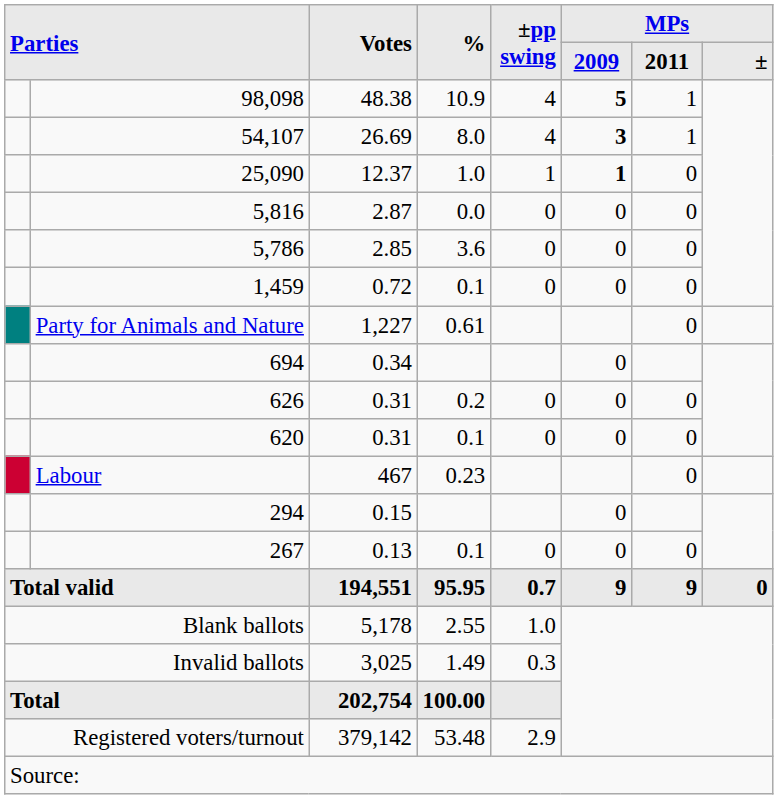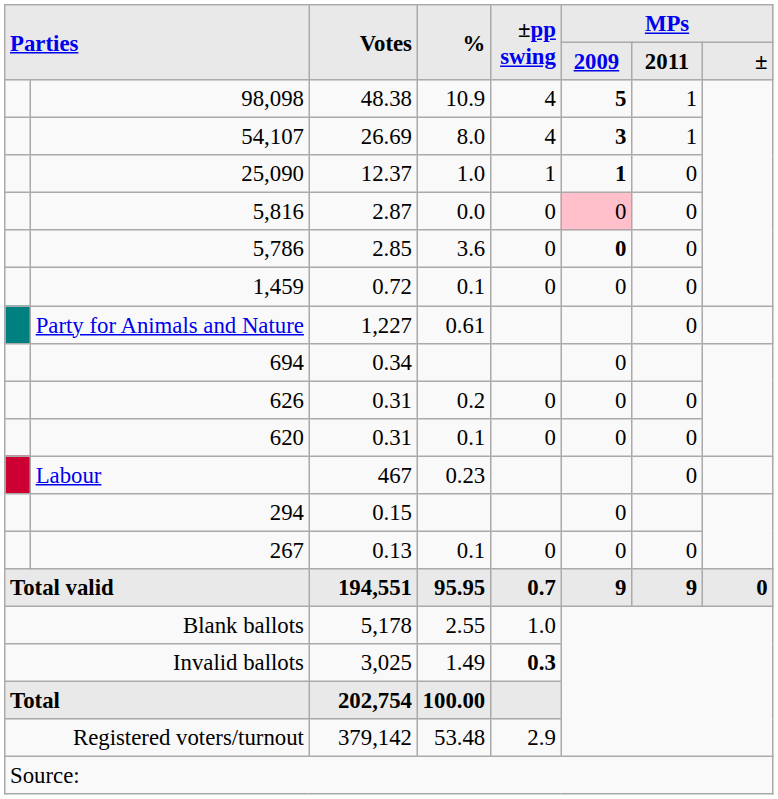 <table class="wikitable" style="text-align:right; font-size:95%;">
 <tr>
 <th rowspan="2" colspan="2" style="background:#e9e9e9; text-align:left;" alignleft><a href='#'>Parties</a></th>
 <th rowspan="2" style="background:#e9e9e9; text-align:right;">Votes</th>
 <th rowspan="2" style="background:#e9e9e9; text-align:right;">%</th>
 <th rowspan="2" style="background:#e9e9e9; text-align:right;">±<a href='#'>pp</a> <a href='#'>swing</a></th>
 <th colspan="3" style="background:#e9e9e9; text-align:center;"><a href='#'>MPs</a></th>
 </tr>
 <tr style="background-color:#E9E9E9">
 <th style="background-color:#E9E9E9;text-align:center;"><a href='#'>2009</a></th>
 <th style="background-color:#E9E9E9;text-align:center;">2011</th>
 <th style="background:#e9e9e9; text-align:right;">±</th>
 </tr>
 <tr>
 <td></td>
 <td>98,098</td>
 <td>48.38</td>
 <td>10.9</td>
 <td>4</td>
 <td><strong>5</strong></td>
 <td>1</td>
 </tr>
 <tr>
 <td></td>
 <td>54,107</td>
 <td>26.69</td>
 <td>8.0</td>
 <td>4</td>
 <td><strong>3</strong></td>
 <td>1</td>
 </tr>
 <tr>
 <td></td>
 <td>25,090</td>
 <td>12.37</td>
 <td>1.0</td>
 <td>1</td>
 <td><strong>1</strong></td>
 <td>0</td>
 </tr>
 <tr>
 <td></td>
 <td>5,816</td>
 <td>2.87</td>
 <td>0.0</td>
 <td>0</td>
-<td>0</td>
+<td style="background: pink;">0</td>
 <td>0</td>
 </tr>
 <tr>
 <td></td>
 <td>5,786</td>
 <td>2.85</td>
 <td>3.6</td>
 <td>0</td>
-<td>0</td>
+<td><strong>0</strong></td>
 <td>0</td>
 </tr>
 <tr>
 <td></td>
 <td>1,459</td>
 <td>0.72</td>
 <td>0.1</td>
 <td>0</td>
 <td>0</td>
 <td>0</td>
 </tr>
 <tr>
 <td style="width: 10px" bgcolor="teal" align="center"></td>
 <td align="left"><a href='#'>Party for Animals and Nature</a></td>
 <td>1,227</td>
 <td>0.61</td>
 <td></td>
 <td></td>
 <td>0</td>
 <td></td>
 </tr>
 <tr>
 <td></td>
 <td>694</td>
 <td>0.34</td>
 <td></td>
 <td></td>
 <td>0</td>
 <td></td>
 </tr>
 <tr>
 <td></td>
 <td>626</td>
 <td>0.31</td>
 <td>0.2</td>
 <td>0</td>
 <td>0</td>
 <td>0</td>
 </tr>
 <tr>
 <td></td>
 <td>620</td>
 <td>0.31</td>
 <td>0.1</td>
 <td>0</td>
 <td>0</td>
 <td>0</td>
 </tr>
 <tr>
 <td style="width: 10px" bgcolor=#CC0033 align="center"></td>
 <td align=left><a href='#'>Labour</a></td>
 <td>467</td>
 <td>0.23</td>
 <td></td>
 <td></td>
 <td>0</td>
 <td></td>
 </tr>
 <tr>
 <td></td>
 <td>294</td>
 <td>0.15</td>
 <td></td>
 <td></td>
 <td>0</td>
 <td></td>
 </tr>
 <tr>
 <td></td>
 <td>267</td>
 <td>0.13</td>
 <td>0.1</td>
 <td>0</td>
 <td>0</td>
 <td>0</td>
 </tr>
 <tr>
 <td colspan=2 align=left style="background-color:#E9E9E9"><strong>Total valid</strong></td>
 <td width="65" align="right" style="background-color:#E9E9E9"><strong>194,551</strong></td>
 <td width="40" align="right" style="background-color:#E9E9E9"><strong>95.95</strong></td>
 <td width="40" align="right" style="background-color:#E9E9E9"><strong>0.7</strong></td>
 <td width="40" align="right" style="background-color:#E9E9E9"><strong>9</strong></td>
 <td width="40" align="right" style="background-color:#E9E9E9"><strong>9</strong></td>
 <td width="40" align="right" style="background-color:#E9E9E9"><strong>0</strong></td>
 </tr>
 <tr>
 <td colspan=2>Blank ballots</td>
 <td>5,178</td>
 <td>2.55</td>
 <td>1.0</td>
 <td colspan=4 rowspan=4></td>
 </tr>
 <tr>
 <td colspan=2>Invalid ballots</td>
 <td>3,025</td>
 <td>1.49</td>
-<td>0.3</td>
+<td><strong>0.3</strong></td>
 </tr>
 <tr>
 <td colspan=2 align=left style="background-color:#E9E9E9"><strong>Total</strong></td>
 <td width="50" align="right" style="background-color:#E9E9E9"><strong>202,754</strong></td>
 <td width="40" align="right" style="background-color:#E9E9E9"><strong>100.00</strong></td>
 <td width="40" align="right" style="background-color:#E9E9E9"></td>
 </tr>
 <tr>
 <td colspan=2>Registered voters/turnout</td>
 <td>379,142</td>
 <td>53.48</td>
 <td>2.9</td>
 </tr>
 <tr>
 <td colspan=11 align=left>Source: </td>
 </tr>
 </table>
